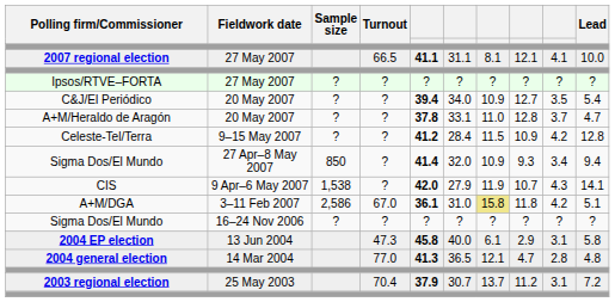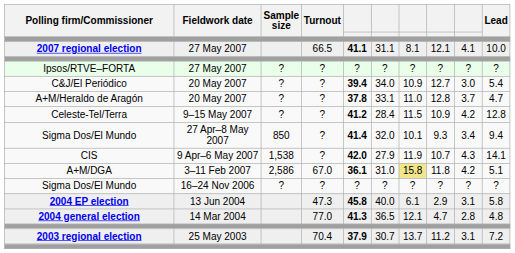 <table class="wikitable collapsible collapsed" style="text-align:center; font-size:95%; line-height:16px;">
 <tr style="height:42px;">
 <th style="width:250px;" rowspan="2">Polling firm/Commissioner</th>
 <th style="width:125px;" rowspan="2">Fieldwork date</th>
 <th style="width:50px;" rowspan="2">Sample size</th>
 <th style="width:45px;" rowspan="2">Turnout</th>
 <th style="width:35px;"></th>
 <th style="width:35px;"></th>
 <th style="width:35px;"></th>
 <th style="width:35px;"></th>
 <th style="width:35px;"></th>
 <th style="width:30px;" rowspan="2">Lead</th>
 </tr>
 <tr>
 <th style="color:inherit;background:"></th>
 <th style="color:inherit;background:"></th>
 <th style="color:inherit;background:"></th>
 <th style="color:inherit;background:"></th>
 <th style="color:inherit;background:"></th>
 </tr>
 <tr>
 <td colspan="10" style="background:#A0A0A0"></td>
 </tr>
 <tr style="background:#EFEFEF;">
 <td><strong><a href='#'>2007 regional election</a></strong></td>
 <td>27 May 2007</td>
 <td></td>
 <td>66.5</td>
 <td><strong>41.1</strong><br></td>
 <td>31.1<br></td>
 <td>8.1<br></td>
 <td>12.1<br></td>
 <td>4.1<br></td>
 <td style="background:">10.0</td>
 </tr>
 <tr>
 <td colspan="10" style="background:#A0A0A0"></td>
 </tr>
 <tr style="background:#EAFFEA;">
 <td>Ipsos/RTVE–FORTA</td>
 <td>27 May 2007</td>
 <td>?</td>
 <td>?</td>
 <td>?<br></td>
 <td>?<br></td>
 <td>?<br></td>
 <td>?<br></td>
 <td>?<br></td>
 <td style="background:">?</td>
 </tr>
 <tr>
 <td>C&J/El Periódico</td>
 <td>20 May 2007</td>
 <td>?</td>
 <td>?</td>
 <td><strong>39.4</strong><br></td>
 <td>34.0<br></td>
 <td>10.9<br></td>
 <td>12.7<br></td>
-<td>3.5<br></td>
+<td>3.0<br></td>
 <td style="background:">5.4</td>
 </tr>
 <tr>
 <td>A+M/Heraldo de Aragón</td>
 <td>20 May 2007</td>
 <td>?</td>
 <td>?</td>
 <td><strong>37.8</strong><br></td>
 <td>33.1<br></td>
 <td>11.0<br></td>
 <td>12.8<br></td>
 <td>3.7<br></td>
 <td style="background:">4.7</td>
 </tr>
 <tr>
 <td>Celeste-Tel/Terra</td>
 <td>9–15 May 2007</td>
 <td>?</td>
 <td>?</td>
 <td><strong>41.2</strong><br></td>
 <td>28.4<br></td>
 <td>11.5<br></td>
 <td>10.9<br></td>
 <td>4.2<br></td>
 <td style="background:">12.8</td>
 </tr>
 <tr>
 <td>Sigma Dos/El Mundo</td>
 <td>27 Apr–8 May 2007</td>
 <td>850</td>
 <td>?</td>
 <td><strong>41.4</strong><br></td>
 <td>32.0<br></td>
-<td>10.9<br></td>
+<td>10.1<br></td>
 <td>9.3<br></td>
 <td>3.4<br></td>
 <td style="background:">9.4</td>
 </tr>
 <tr>
 <td>CIS</td>
 <td>9 Apr–6 May 2007</td>
 <td>1,538</td>
 <td>?</td>
 <td><strong>42.0</strong><br></td>
 <td>27.9<br></td>
 <td>11.9<br></td>
 <td>10.7<br></td>
 <td>4.3<br></td>
 <td style="background:">14.1</td>
 </tr>
 <tr>
 <td>A+M/DGA</td>
 <td>3–11 Feb 2007</td>
 <td>2,586</td>
 <td>67.0</td>
 <td><strong>36.1</strong><br></td>
 <td>31.0<br></td>
 <td style="background: khaki;">15.8<br></td>
 <td>11.8<br></td>
 <td>4.2<br></td>
 <td style="background:">5.1</td>
 </tr>
 <tr>
 <td>Sigma Dos/El Mundo</td>
 <td>16–24 Nov 2006</td>
 <td>?</td>
 <td>?</td>
 <td>?<br></td>
 <td>?<br></td>
 <td>?<br></td>
 <td>?<br></td>
 <td>?<br></td>
 <td style="background:">?</td>
 </tr>
 <tr style="background:#EFEFEF;">
 <td><strong><a href='#'>2004 EP election</a></strong></td>
 <td>13 Jun 2004</td>
 <td></td>
 <td>47.3</td>
 <td><strong>45.8</strong><br></td>
 <td>40.0<br></td>
 <td>6.1<br></td>
 <td>2.9<br></td>
 <td>3.1<br></td>
 <td style="background:">5.8</td>
 </tr>
 <tr style="background:#EFEFEF;">
 <td><strong><a href='#'>2004 general election</a></strong></td>
 <td>14 Mar 2004</td>
 <td></td>
 <td>77.0</td>
 <td><strong>41.3</strong><br></td>
 <td>36.5<br></td>
 <td>12.1<br></td>
 <td>4.7<br></td>
 <td>2.8<br></td>
 <td style="background:">4.8</td>
 </tr>
 <tr>
 <td colspan="10" style="background:#A0A0A0"></td>
 </tr>
 <tr style="background:#EFEFEF;">
 <td><strong><a href='#'>2003 regional election</a></strong></td>
 <td>25 May 2003</td>
 <td></td>
 <td>70.4</td>
 <td><strong>37.9</strong><br></td>
 <td>30.7<br></td>
 <td>13.7<br></td>
 <td>11.2<br></td>
 <td>3.1<br></td>
 <td style="background:">7.2</td>
 </tr>
 <tr>
 <td colspan="10" style="background:#A0A0A0"></td>
 </tr>
 </table>
